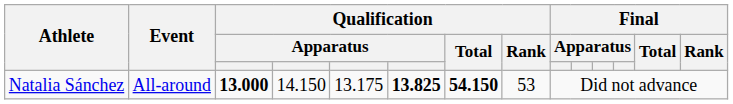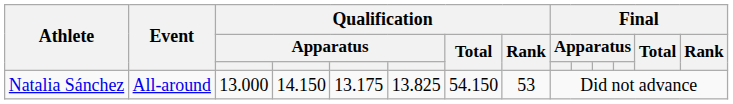 <table class="wikitable" style="font-size:90%">
 <tr>
 <th rowspan="3">Athlete</th>
 <th rowspan="3">Event</th>
 <th colspan=6>Qualification</th>
 <th colspan=6>Final</th>
 </tr>
 <tr style="font-size:95%">
 <th colspan=4>Apparatus</th>
 <th rowspan=2>Total</th>
 <th rowspan=2>Rank</th>
 <th colspan=4>Apparatus</th>
 <th rowspan=2>Total</th>
 <th rowspan=2>Rank</th>
 </tr>
 <tr style="font-size:95%">
 <th></th>
 <th></th>
 <th></th>
 <th></th>
 <th></th>
 <th></th>
 <th></th>
 <th></th>
 </tr>
 <tr align=center>
 <td align=left><a href='#'>Natalia Sánchez</a></td>
 <td align=left><a href='#'>All-around</a></td>
-<td><strong>13.000</strong></td>
+<td>13.000</td>
 <td>14.150</td>
 <td>13.175</td>
-<td><strong>13.825</strong></td>
-<td><strong>54.150</strong></td>
+<td>13.825</td>
+<td>54.150</td>
 <td>53</td>
 <td colspan=6>Did not advance</td>
 </tr>
 </table>
